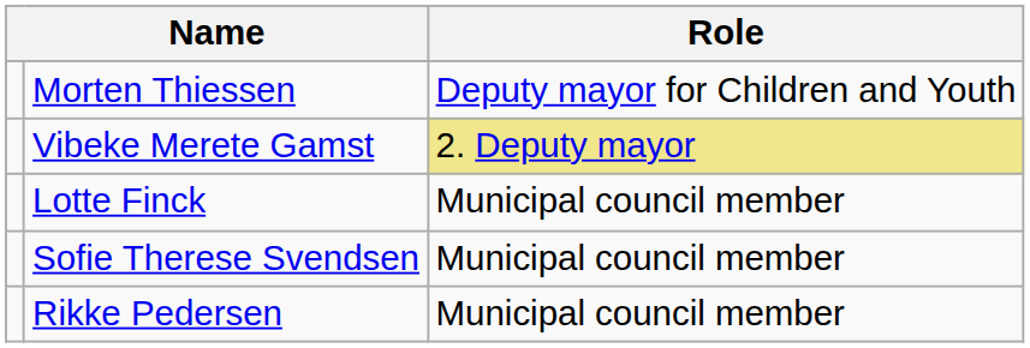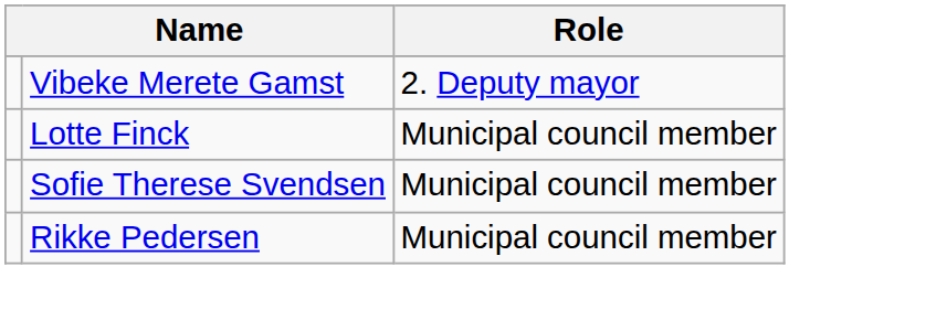 <table class="wikitable">
 <tr>
 <th colspan="2">Name</th>
 <th>Role</th>
 </tr>
 <tr>
 <td width="1"></td>
-<td><a href='#'>Morten Thiessen</a></td>
-<td><a href='#'>Deputy mayor</a> for Children and Youth</td>
-</tr>
-<tr>
-<td width="1"></td>
 <td><a href='#'>Vibeke Merete Gamst</a></td>
-<td style="background: khaki;">2. <a href='#'>Deputy mayor</a></td>
+<td>2. <a href='#'>Deputy mayor</a></td>
 </tr>
 <tr>
 <td width="1"></td>
 <td><a href='#'>Lotte Finck</a></td>
 <td>Municipal council member</td>
 </tr>
 <tr>
 <td width="1"></td>
 <td><a href='#'>Sofie Therese Svendsen</a></td>
 <td>Municipal council member</td>
 </tr>
 <tr>
 <td width="1"></td>
 <td><a href='#'>Rikke Pedersen</a></td>
 <td>Municipal council member</td>
 </tr>
 </table>
